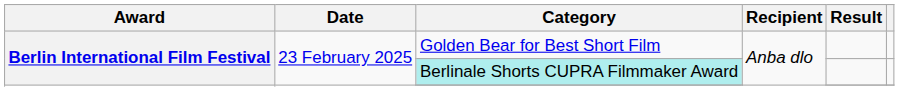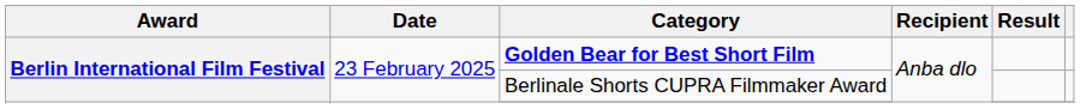 <table class="wikitable sortable plainrowheaders">
 <tr>
 <th>Award</th>
 <th>Date</th>
 <th>Category</th>
 <th>Recipient</th>
 <th>Result</th>
 <th></th>
 </tr>
 <tr>
 <th scope="row" rowspan=3><a href='#'>Berlin International Film Festival</a></th>
 <td rowspan=3><a href='#'>23 February 2025</a></td>
-<td><a href='#'>Golden Bear for Best Short Film</a></td>
+<td><strong><a href='#'>Golden Bear for Best Short Film</a></strong></td>
 <td rowspan="3"><em>Anba dlo</em></td>
 <td></td>
 <td align="center" rowspan="1"></td>
 </tr>
 <tr>
-<td style="background: paleturquoise;">Berlinale Shorts CUPRA Filmmaker Award</td>
+<td>Berlinale Shorts CUPRA Filmmaker Award</td>
 <td></td>
 <td align="center" rowspan="1"></td>
 </tr>
 <tr>
 </tr>
 </table>
